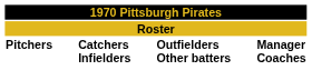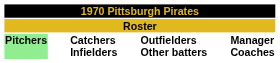 <table class="toccolours" style="font-size: 95%;">
 <tr>
 <th colspan="10" style="background-color: black; color: #e1b81e; text-align: center;">1970 Pittsburgh Pirates</th>
 </tr>
 <tr>
 <td colspan="10" style="background-color: #e1b81e; color: black; text-align: center;"><strong>Roster</strong></td>
 </tr>
 <tr>
-<td valign="top"><strong>Pitchers</strong><br>                   </td>
+<td valign="top" style="background: lightgreen;"><strong>Pitchers</strong><br>                   </td>
 <td width="25px"></td>
 <td valign="top"><strong>Catchers</strong><br>   <strong>Infielders</strong>         </td>
 <td width="25px"></td>
 <td valign="top"><strong>Outfielders</strong><br>      <strong>Other batters</strong> </td>
 <td width="25px"></td>
 <td valign="top"><strong>Manager</strong><br> <strong>Coaches</strong>    </td>
 </tr>
 </table>
